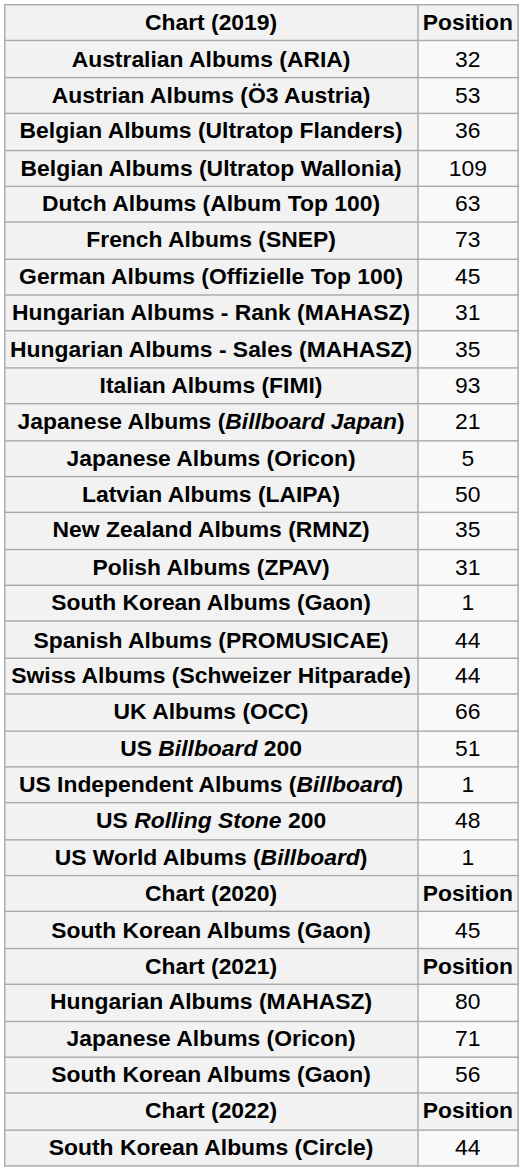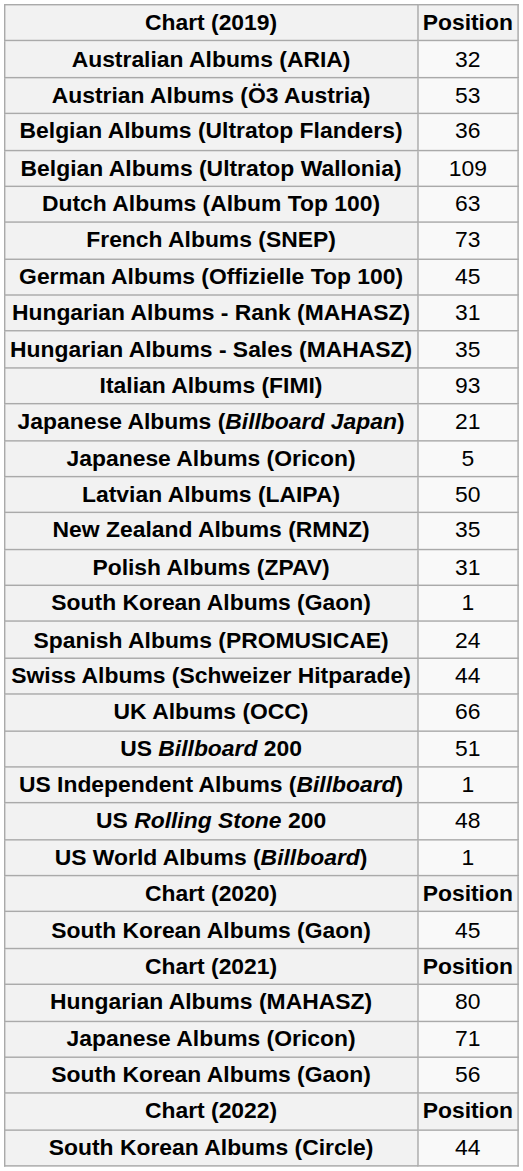 <table class="wikitable sortable plainrowheaders" style="text-align:center">
 <tr>
 <th scope="col">Chart (2019)</th>
 <th scope="col">Position</th>
 </tr>
 <tr>
 <th scope="row">Australian Albums (ARIA)</th>
 <td>32</td>
 </tr>
 <tr>
 <th scope="row">Austrian Albums (Ö3 Austria)</th>
 <td>53</td>
 </tr>
 <tr>
 <th scope="row">Belgian Albums (Ultratop Flanders)</th>
 <td>36</td>
 </tr>
 <tr>
 <th scope="row">Belgian Albums (Ultratop Wallonia)</th>
 <td>109</td>
 </tr>
 <tr>
 <th scope="row">Dutch Albums (Album Top 100)</th>
 <td>63</td>
 </tr>
 <tr>
 <th scope="row">French Albums (SNEP)</th>
 <td>73</td>
 </tr>
 <tr>
 <th scope="row">German Albums (Offizielle Top 100)</th>
 <td>45</td>
 </tr>
 <tr>
 <th scope="row">Hungarian Albums - Rank (MAHASZ)</th>
 <td>31</td>
 </tr>
 <tr>
 <th scope="row">Hungarian Albums - Sales (MAHASZ)</th>
 <td>35</td>
 </tr>
 <tr>
 <th scope="row">Italian Albums (FIMI)</th>
 <td>93</td>
 </tr>
 <tr>
 <th scope="row">Japanese Albums (<em>Billboard Japan</em>)</th>
 <td>21</td>
 </tr>
 <tr>
 <th scope="row">Japanese Albums (Oricon)</th>
 <td>5</td>
 </tr>
 <tr>
 <th scope="row">Latvian Albums (LAIPA)</th>
 <td>50</td>
 </tr>
 <tr>
 <th scope="row">New Zealand Albums (RMNZ)</th>
 <td>35</td>
 </tr>
 <tr>
 <th scope="row">Polish Albums (ZPAV)</th>
 <td>31</td>
 </tr>
 <tr>
 <th scope="row">South Korean Albums (Gaon)</th>
 <td>1</td>
 </tr>
 <tr>
 <th scope="row">Spanish Albums (PROMUSICAE)</th>
-<td>44</td>
+<td>24</td>
 </tr>
 <tr>
 <th scope="row">Swiss Albums (Schweizer Hitparade)</th>
 <td>44</td>
 </tr>
 <tr>
 <th scope="row">UK Albums (OCC)</th>
 <td>66</td>
 </tr>
 <tr>
 <th scope="row">US <em>Billboard</em> 200</th>
 <td>51</td>
 </tr>
 <tr>
 <th scope="row">US Independent Albums (<em>Billboard</em>)</th>
 <td>1</td>
 </tr>
 <tr>
 <th scope="row">US <em>Rolling Stone</em> 200</th>
 <td>48</td>
 </tr>
 <tr>
 <th scope="row">US World Albums (<em>Billboard</em>)</th>
 <td>1</td>
 </tr>
 <tr>
 <th scope="col">Chart (2020)</th>
 <th scope="col">Position</th>
 </tr>
 <tr>
 <th scope="row">South Korean Albums (Gaon)</th>
 <td>45</td>
 </tr>
 <tr>
 <th scope="col">Chart (2021)</th>
 <th scope="col">Position</th>
 </tr>
 <tr>
 <th scope="row">Hungarian Albums (MAHASZ)</th>
 <td>80</td>
 </tr>
 <tr>
 <th scope="row">Japanese Albums (Oricon)</th>
 <td>71</td>
 </tr>
 <tr>
 <th scope="row">South Korean Albums (Gaon)</th>
 <td>56</td>
 </tr>
 <tr>
 <th scope="col">Chart (2022)</th>
 <th scope="col">Position</th>
 </tr>
 <tr>
 <th scope="row">South Korean Albums (Circle)</th>
 <td>44</td>
 </tr>
 </table>
